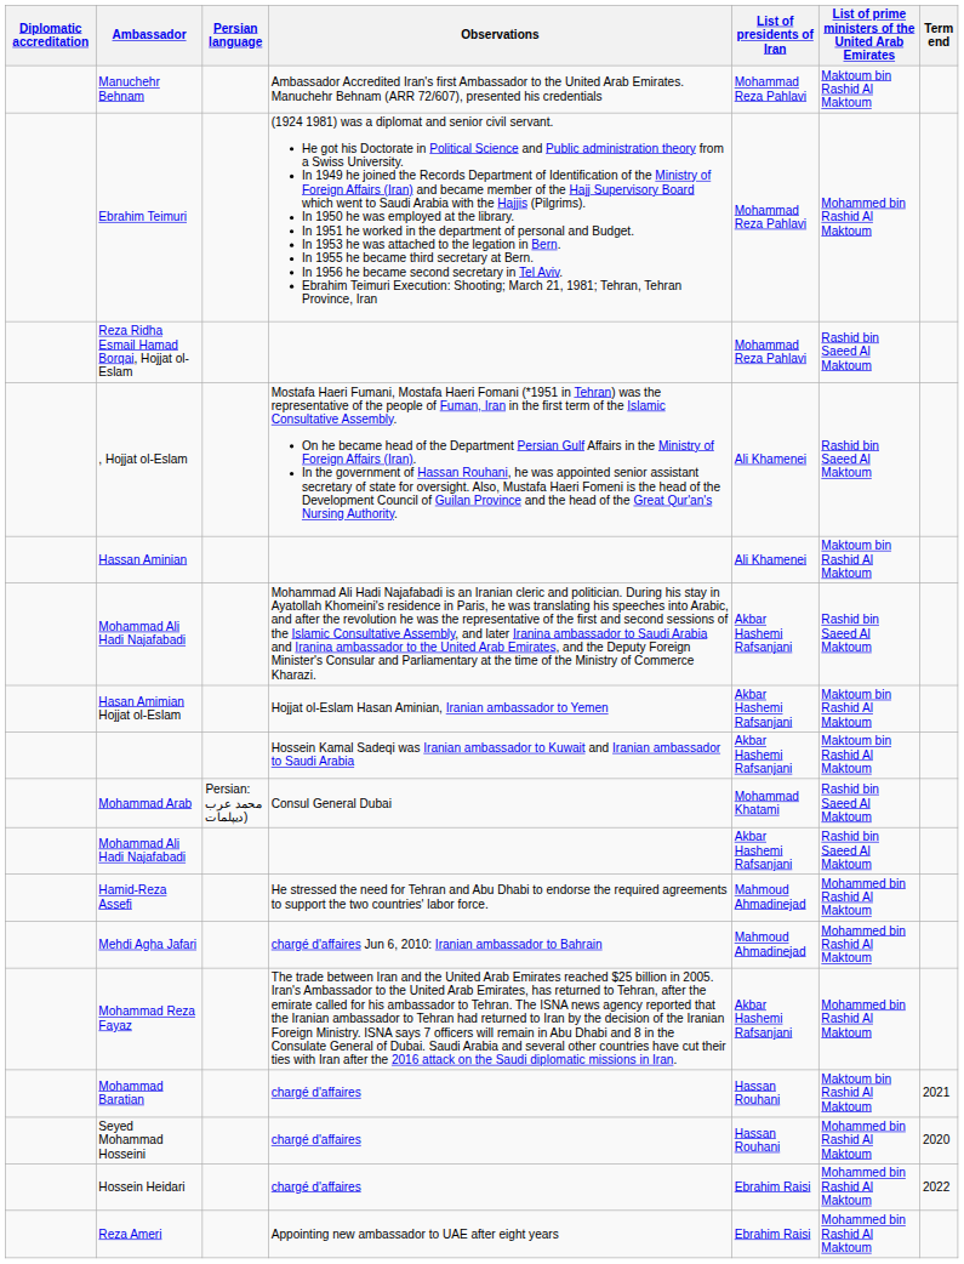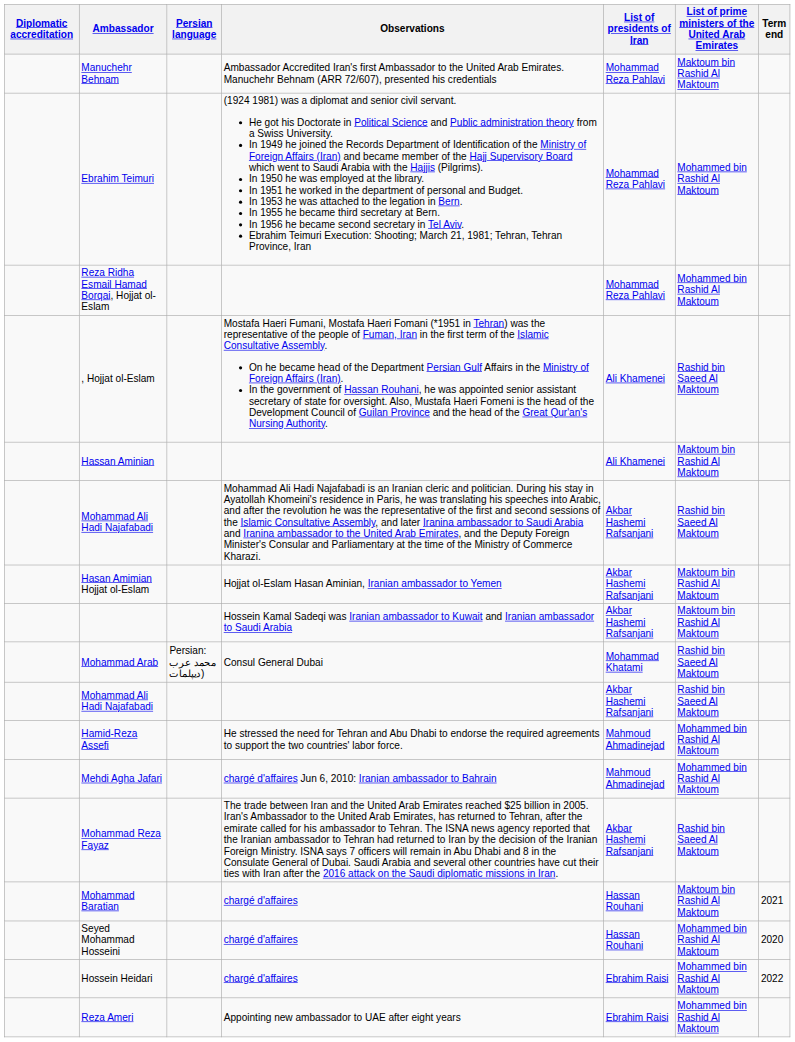 <table class="wikitable sortable">
 <tr>
 <th><a href='#'>Diplomatic accreditation</a></th>
 <th><a href='#'>Ambassador</a></th>
 <th><a href='#'>Persian language</a></th>
 <th>Observations</th>
 <th><a href='#'>List of presidents of Iran</a></th>
 <th><a href='#'>List of prime ministers of the United Arab Emirates</a></th>
 <th>Term end</th>
 </tr>
 <tr>
 <td></td>
 <td><a href='#'>Manuchehr Behnam</a></td>
 <td></td>
 <td>Ambassador Accredited Iran's first Ambassador to the United Arab Emirates. Manuchehr Behnam (ARR 72/607), presented his credentials</td>
 <td><a href='#'>Mohammad Reza Pahlavi</a></td>
 <td><a href='#'>Maktoum bin Rashid Al Maktoum</a></td>
 <td></td>
 </tr>
 <tr>
 <td></td>
 <td><a href='#'>Ebrahim Teimuri</a></td>
 <td></td>
 <td>(1924 1981) was a diplomat and senior civil servant.<br><ul><li>He got his Doctorate in <a href='#'>Political Science</a> and <a href='#'>Public administration theory</a> from a Swiss University.</li><li>In 1949 he joined the Records Department of Identification of the <a href='#'>Ministry of Foreign Affairs (Iran)</a> and became member of the <a href='#'>Hajj Supervisory Board</a> which went to Saudi Arabia with the <a href='#'>Hajjis</a> (Pilgrims).</li><li>In 1950 he was employed at the library.</li><li>In 1951 he worked in the department of personal and Budget.</li><li>In 1953 he was attached to the legation in <a href='#'>Bern</a>.</li><li>In 1955 he became third secretary at Bern.</li><li>In 1956 he became second secretary in <a href='#'>Tel Aviv</a>.</li><li>Ebrahim Teimuri Execution: Shooting; March 21, 1981; Tehran, Tehran Province, Iran</li></ul></td>
 <td><a href='#'>Mohammad Reza Pahlavi</a></td>
 <td><a href='#'>Mohammed bin Rashid Al Maktoum</a></td>
 <td></td>
 </tr>
 <tr>
 <td></td>
 <td><a href='#'>Reza Ridha Esmail Hamad Borqai</a>, Hojjat ol-Eslam</td>
 <td></td>
 <td></td>
 <td><a href='#'>Mohammad Reza Pahlavi</a></td>
-<td><a href='#'>Rashid bin Saeed Al Maktoum</a></td>
+<td><a href='#'>Mohammed bin Rashid Al Maktoum</a></td>
 <td></td>
 </tr>
 <tr>
 <td></td>
 <td>, Hojjat ol-Eslam</td>
 <td></td>
 <td>Mostafa Haeri Fumani, Mostafa Haeri Fomani (*1951 in <a href='#'>Tehran</a>) was the representative of the people of <a href='#'>Fuman, Iran</a> in the first term of the <a href='#'>Islamic Consultative Assembly</a>.<br><ul><li>On  he became head of the Department <a href='#'>Persian Gulf</a> Affairs in the <a href='#'>Ministry of Foreign Affairs (Iran)</a>.</li><li>In the government of <a href='#'>Hassan Rouhani</a>, he was appointed senior assistant secretary of state for oversight. Also, Mustafa Haeri Fomeni is the head of the Development Council of <a href='#'>Guilan Province</a> and the head of the <a href='#'>Great Qur'an's Nursing Authority</a>.</li></ul></td>
 <td><a href='#'>Ali Khamenei</a></td>
 <td><a href='#'>Rashid bin Saeed Al Maktoum</a></td>
 <td></td>
 </tr>
 <tr>
 <td></td>
 <td><a href='#'>Hassan Aminian</a></td>
 <td></td>
 <td></td>
 <td><a href='#'>Ali Khamenei</a></td>
 <td><a href='#'>Maktoum bin Rashid Al Maktoum</a></td>
 <td></td>
 </tr>
 <tr>
 <td></td>
 <td><a href='#'>Mohammad Ali Hadi Najafabadi</a></td>
 <td></td>
 <td>Mohammad Ali Hadi Najafabadi is an Iranian cleric and politician. During his stay in Ayatollah Khomeini's residence in Paris, he was translating his speeches into Arabic, and after the revolution he was the representative of the first and second sessions of the <a href='#'>Islamic Consultative Assembly</a>, and later <a href='#'>Iranina ambassador to Saudi Arabia</a> and <a href='#'>Iranina ambassador to the United Arab Emirates</a>, and the Deputy Foreign Minister's Consular and Parliamentary at the time of the Ministry of Commerce Kharazi.</td>
 <td><a href='#'>Akbar Hashemi Rafsanjani</a></td>
 <td><a href='#'>Rashid bin Saeed Al Maktoum</a></td>
 <td></td>
 </tr>
 <tr>
 <td></td>
 <td><a href='#'>Hasan Amimian</a> Hojjat ol-Eslam</td>
 <td></td>
 <td>Hojjat ol-Eslam Hasan Aminian, <a href='#'>Iranian ambassador to Yemen</a></td>
 <td><a href='#'>Akbar Hashemi Rafsanjani</a></td>
 <td><a href='#'>Maktoum bin Rashid Al Maktoum</a></td>
 <td></td>
 </tr>
 <tr>
 <td></td>
 <td></td>
 <td></td>
 <td>Hossein Kamal Sadeqi was <a href='#'>Iranian ambassador to Kuwait</a> and <a href='#'>Iranian ambassador to Saudi Arabia</a></td>
 <td><a href='#'>Akbar Hashemi Rafsanjani</a></td>
 <td><a href='#'>Maktoum bin Rashid Al Maktoum</a></td>
 <td></td>
 </tr>
 <tr>
 <td></td>
 <td><a href='#'>Mohammad Arab</a></td>
 <td>Persian:<br>محمد عرب (دیپلمات</td>
 <td>Consul General Dubai</td>
 <td><a href='#'>Mohammad Khatami</a></td>
 <td><a href='#'>Rashid bin Saeed Al Maktoum</a></td>
 <td></td>
 </tr>
 <tr>
 <td></td>
 <td><a href='#'>Mohammad Ali Hadi Najafabadi</a></td>
 <td></td>
 <td></td>
 <td><a href='#'>Akbar Hashemi Rafsanjani</a></td>
 <td><a href='#'>Rashid bin Saeed Al Maktoum</a></td>
 <td></td>
 </tr>
 <tr>
 <td></td>
 <td><a href='#'>Hamid-Reza Assefi</a></td>
 <td></td>
 <td>He stressed the need for Tehran and Abu Dhabi to endorse the required agreements to support the two countries' labor force.</td>
 <td><a href='#'>Mahmoud Ahmadinejad</a></td>
 <td><a href='#'>Mohammed bin Rashid Al Maktoum</a></td>
 <td></td>
 </tr>
 <tr>
 <td></td>
 <td><a href='#'>Mehdi Agha Jafari</a></td>
 <td></td>
 <td><a href='#'>chargé d'affaires</a> Jun 6, 2010: <a href='#'>Iranian ambassador to Bahrain</a></td>
 <td><a href='#'>Mahmoud Ahmadinejad</a></td>
 <td><a href='#'>Mohammed bin Rashid Al Maktoum</a></td>
 <td></td>
 </tr>
 <tr>
 <td></td>
 <td><a href='#'>Mohammad Reza Fayaz</a></td>
 <td></td>
 <td>The trade between Iran and the United Arab Emirates reached $25 billion in 2005.<br>Iran's Ambassador to the United Arab Emirates, has returned to Tehran, after the emirate called for his ambassador to Tehran. The ISNA news agency reported that the Iranian ambassador to Tehran had returned to Iran by the decision of the Iranian Foreign Ministry. ISNA says 7 officers will remain in Abu Dhabi and 8 in the Consulate General of Dubai.  Saudi Arabia and several other countries have cut their ties with Iran after the <a href='#'>2016 attack on the Saudi diplomatic missions in Iran</a>.</td>
 <td><a href='#'>Akbar Hashemi Rafsanjani</a></td>
-<td><a href='#'>Mohammed bin Rashid Al Maktoum</a></td>
+<td><a href='#'>Rashid bin Saeed Al Maktoum</a></td>
 <td></td>
 </tr>
 <tr>
 <td></td>
 <td><a href='#'>Mohammad Baratian</a></td>
 <td></td>
 <td><a href='#'>chargé d'affaires</a></td>
 <td><a href='#'>Hassan Rouhani</a></td>
 <td><a href='#'>Maktoum bin Rashid Al Maktoum</a></td>
 <td>2021</td>
 </tr>
 <tr>
 <td></td>
 <td>Seyed Mohammad Hosseini</td>
 <td></td>
 <td><a href='#'>chargé d'affaires</a></td>
 <td><a href='#'>Hassan Rouhani</a></td>
 <td><a href='#'>Mohammed bin Rashid Al Maktoum</a></td>
 <td>2020</td>
 </tr>
 <tr>
 <td></td>
 <td>Hossein Heidari</td>
 <td></td>
 <td><a href='#'>chargé d'affaires</a></td>
 <td><a href='#'>Ebrahim Raisi</a></td>
 <td><a href='#'>Mohammed bin Rashid Al Maktoum</a></td>
 <td>2022</td>
 </tr>
 <tr>
 <td></td>
 <td><a href='#'>Reza Ameri</a></td>
 <td></td>
 <td>Appointing new ambassador to UAE after eight years</td>
 <td><a href='#'>Ebrahim Raisi</a></td>
 <td><a href='#'>Mohammed bin Rashid Al Maktoum</a></td>
 <td></td>
 </tr>
 </table>
